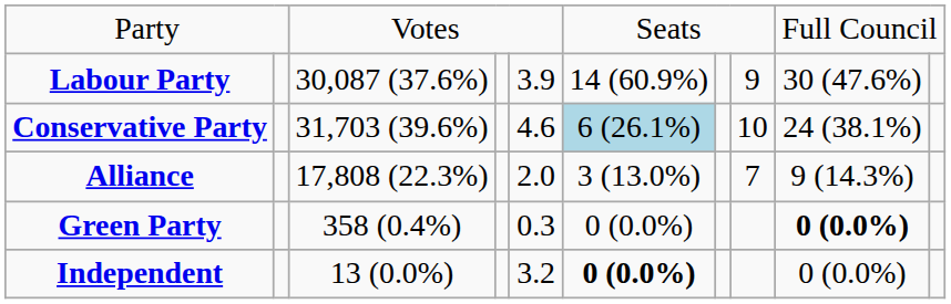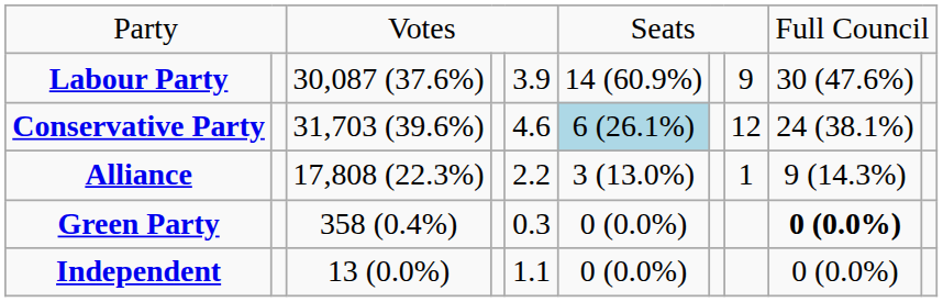 <table class=wikitable style="text-align:center;">
 <tr>
 <td colspan=2>Party</td>
 <td colspan=3>Votes</td>
 <td colspan=3>Seats</td>
 <td colspan=3>Full Council</td>
 </tr>
 <tr>
 <td><strong><a href='#'>Labour Party</a></strong></td>
 <td style="background:"></td>
 <td>30,087 (37.6%)</td>
 <td></td>
 <td> 3.9</td>
 <td>14 (60.9%)</td>
 <td></td>
 <td> 9</td>
 <td>30 (47.6%)</td>
 <td></td>
 </tr>
 <tr>
 <td><strong><a href='#'>Conservative Party</a></strong></td>
 <td style="background:"></td>
 <td>31,703 (39.6%)</td>
 <td></td>
 <td> 4.6</td>
 <td style="background: lightblue;">6 (26.1%)</td>
 <td></td>
-<td> 10</td>
+<td> 12</td>
 <td>24 (38.1%)</td>
 <td></td>
 </tr>
 <tr>
 <td><strong><a href='#'>Alliance</a></strong></td>
 <td style="background:"></td>
 <td>17,808 (22.3%)</td>
 <td></td>
-<td> 2.0</td>
+<td> 2.2</td>
 <td>3 (13.0%)</td>
 <td></td>
-<td> 7</td>
+<td> 1</td>
 <td>9 (14.3%)</td>
 <td></td>
 </tr>
 <tr>
 <td><strong><a href='#'>Green Party</a></strong></td>
 <td style="background:"></td>
 <td>358 (0.4%)</td>
 <td></td>
 <td> 0.3</td>
 <td>0 (0.0%)</td>
 <td></td>
 <td></td>
 <td><strong>0 (0.0%)</strong></td>
 <td></td>
 </tr>
 <tr>
 <td><strong><a href='#'>Independent</a></strong></td>
 <td style="background:"></td>
 <td>13 (0.0%)</td>
 <td></td>
-<td> 3.2</td>
-<td><strong>0 (0.0%)</strong></td>
+<td> 1.1</td>
+<td>0 (0.0%)</td>
 <td></td>
 <td></td>
 <td>0 (0.0%)</td>
 <td></td>
 </tr>
 </table>
